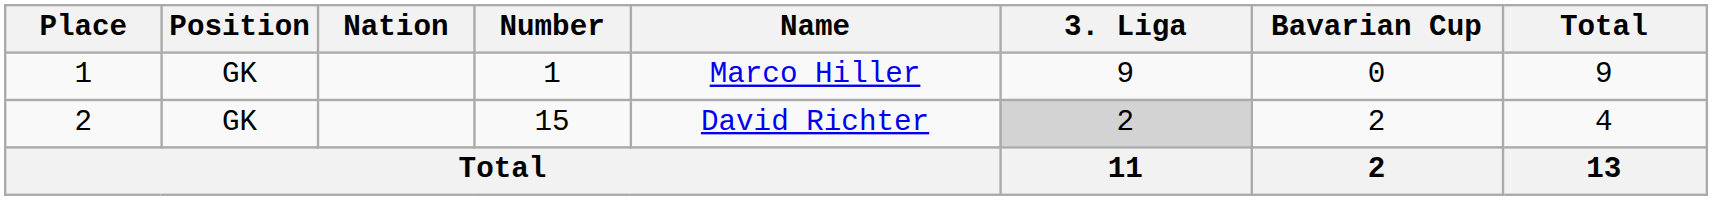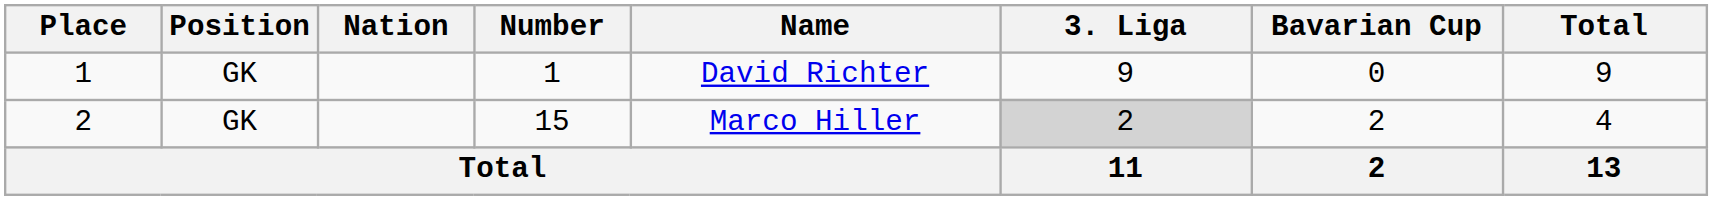 <table class="wikitable" style="font-size: 95%; text-align: center;">
 <tr>
 <th width=60>Place</th>
 <th width=60>Position</th>
 <th width=60>Nation</th>
 <th width=60>Number</th>
 <th width=150>Name</th>
 <th width=100>3. Liga</th>
 <th width=100>Bavarian Cup</th>
 <th width=80><strong>Total</strong></th>
 </tr>
 <tr>
 <td>1</td>
 <td>GK</td>
 <td></td>
 <td>1</td>
-<td><a href='#'>Marco Hiller</a></td>
+<td><a href='#'>David Richter</a></td>
 <td>9</td>
 <td>0</td>
 <td>9</td>
 </tr>
 <tr>
 <td>2</td>
 <td>GK</td>
 <td></td>
 <td>15</td>
-<td><a href='#'>David Richter</a></td>
+<td><a href='#'>Marco Hiller</a></td>
 <td style="background: lightgrey;">2</td>
 <td>2</td>
 <td>4</td>
 </tr>
 <tr>
 <th colspan="5"><strong>Total</strong></th>
 <th>11</th>
 <th>2</th>
 <th><strong>13</strong></th>
 </tr>
 </table>
